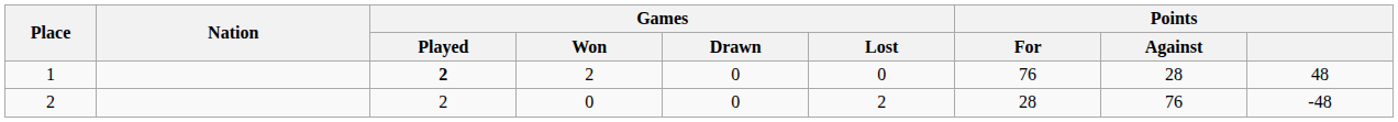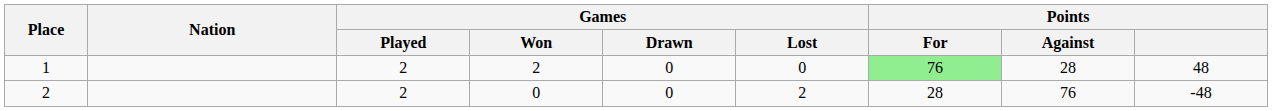 <table class="wikitable" style="width:100%;text-align:center">
 <tr>
 <th rowspan="2" style="width:5%">Place</th>
 <th rowspan="2" style="width:15%">Nation</th>
 <th colspan="4" style="width:32%">Games</th>
 <th colspan="3" style="width:18%">Points</th>
 </tr>
 <tr>
 <th style="width:8%">Played</th>
 <th style="width:8%">Won</th>
 <th style="width:8%">Drawn</th>
 <th style="width:8%">Lost</th>
 <th style="width:8%">For</th>
 <th style="width:8%">Against</th>
 <th style="width:8%"></th>
 </tr>
 <tr align="center">
 <td>1</td>
 <td align="left"></td>
-<td><strong>2</strong></td>
+<td>2</td>
 <td>2</td>
 <td>0</td>
 <td>0</td>
-<td>76</td>
+<td style="background: lightgreen;">76</td>
 <td>28</td>
 <td>48</td>
 </tr>
 <tr align="center">
 <td>2</td>
 <td align="left"></td>
 <td>2</td>
 <td>0</td>
 <td>0</td>
 <td>2</td>
 <td>28</td>
 <td>76</td>
 <td>-48</td>
 </tr>
 <tr align="center">
 </tr>
 </table>
